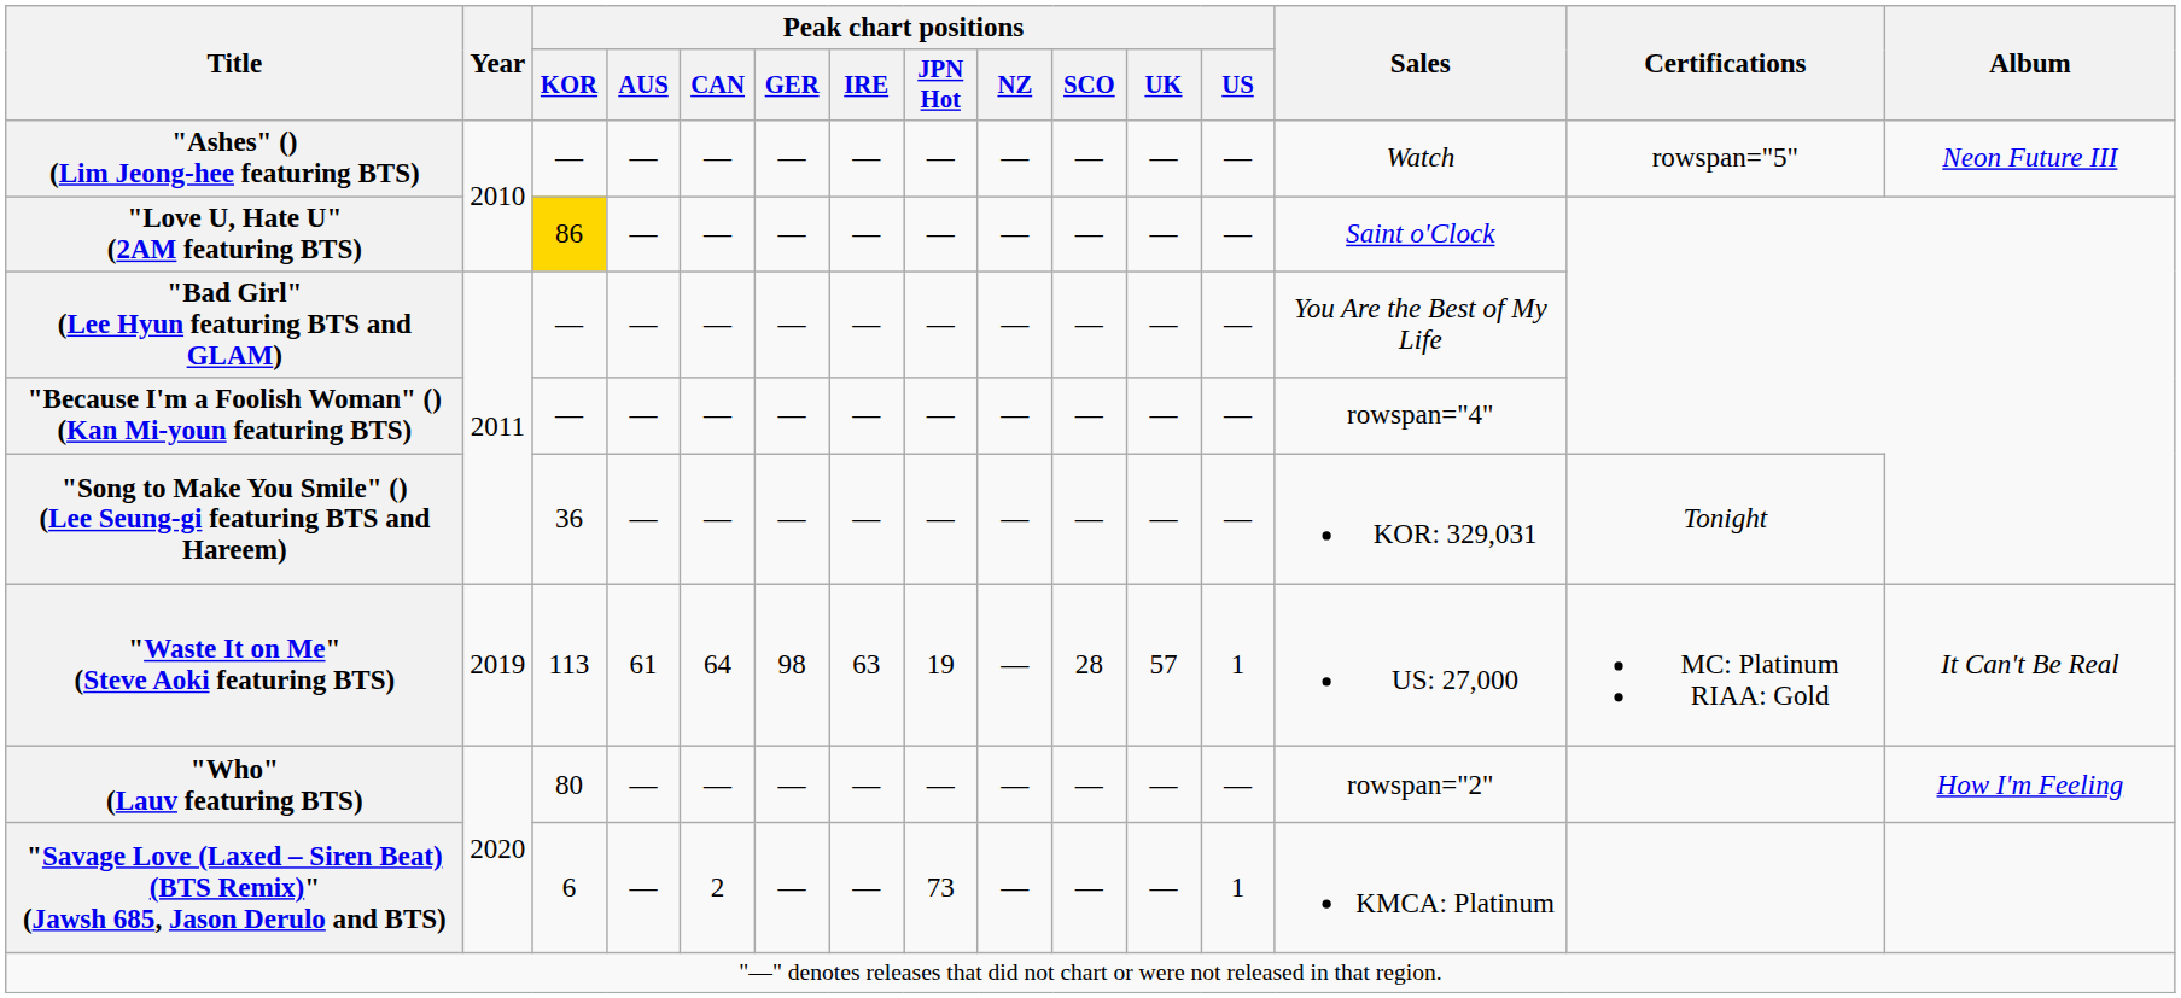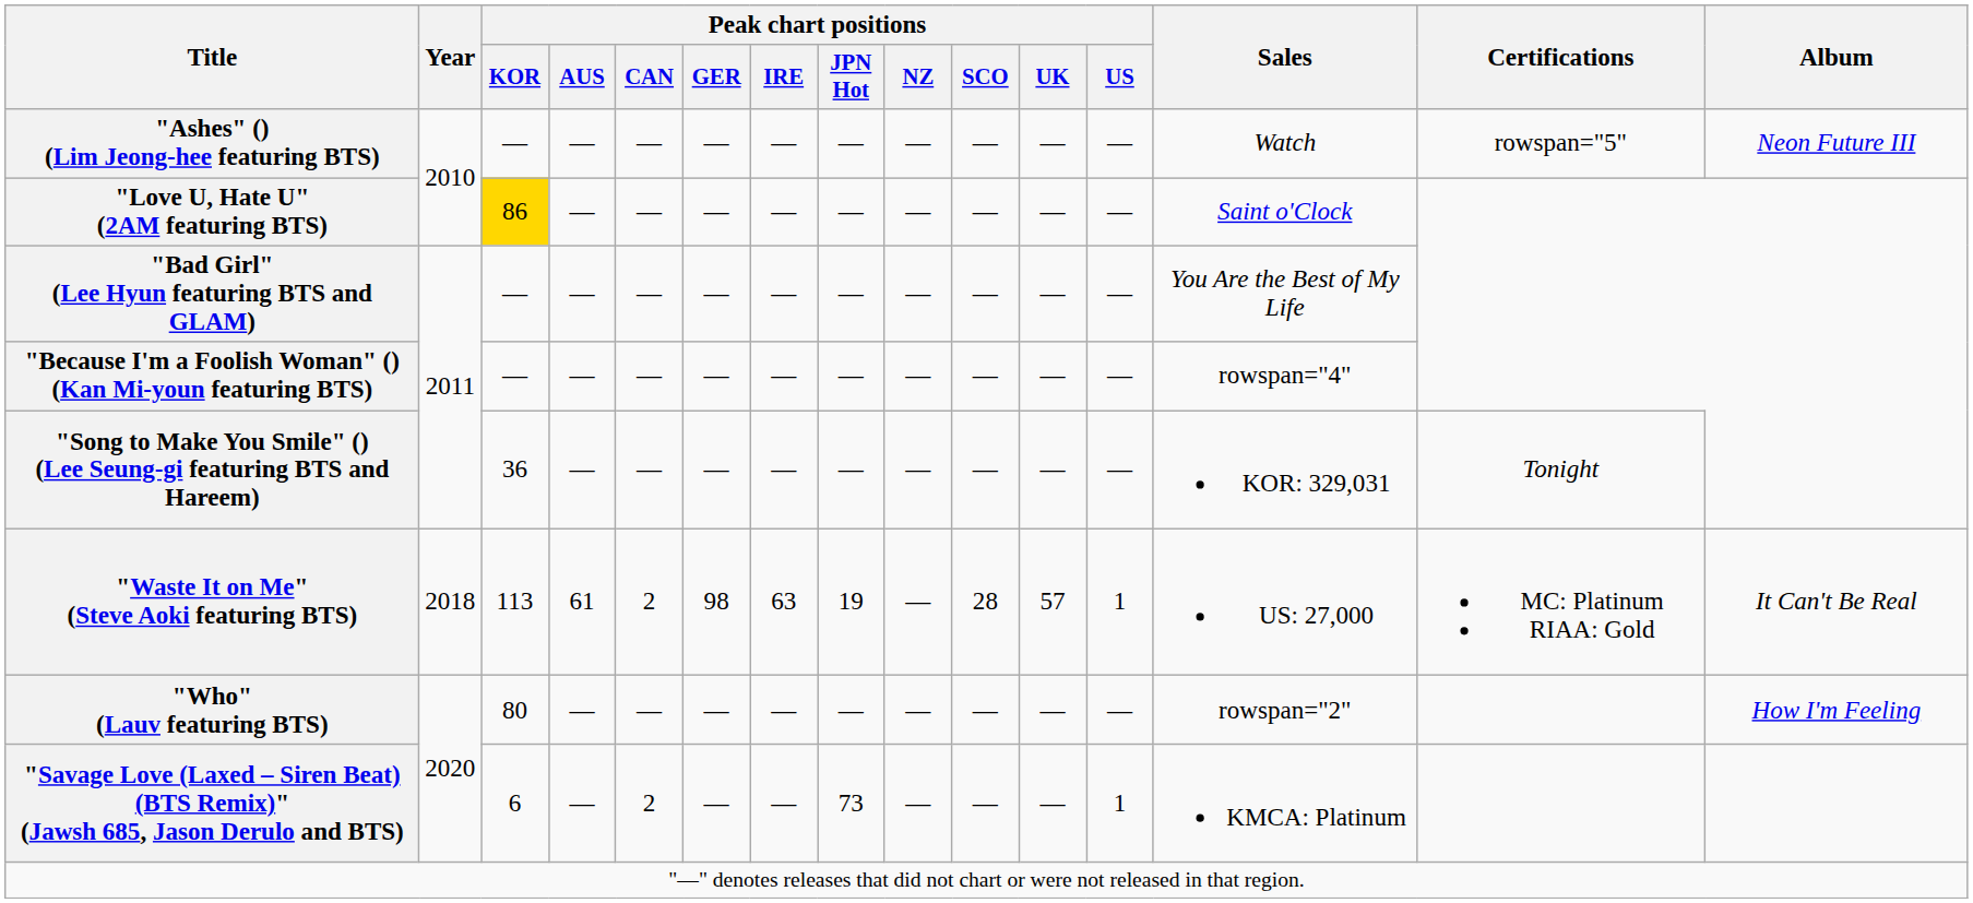 <table class="wikitable plainrowheaders" style="text-align:center;">
 <tr>
 <th scope="col" rowspan="2" style="width:16em;">Title</th>
 <th scope="col" rowspan="2" style="width:1em;">Year</th>
 <th scope="col" colspan="10">Peak chart positions</th>
 <th scope="col" rowspan="2" style="width:10em;">Sales</th>
 <th scope="col" rowspan="2" style="width:11em;">Certifications</th>
 <th scope="col" rowspan="2" style="width:10em;">Album</th>
 </tr>
 <tr>
 <th scope="col" style="width:2.5em;font-size:90%;"><a href='#'>KOR</a><br></th>
 <th scope="col" style="width:2.5em;font-size:90%;"><a href='#'>AUS</a><br></th>
 <th scope="col" style="width:2.5em;font-size:90%;"><a href='#'>CAN</a><br></th>
 <th scope="col" style="width:2.5em; font-size:90%"><a href='#'>GER</a><br></th>
 <th scope="col" style="width:2.5em; font-size:90%"><a href='#'>IRE</a><br></th>
 <th scope="col" style="width:2.5em;font-size:90%;"><a href='#'>JPN<br>Hot</a><br></th>
 <th scope="col" style="width:2.5em;font-size:90%;"><a href='#'>NZ</a><br></th>
 <th scope="col" style="width:2.5em;font-size:90%;"><a href='#'>SCO</a><br></th>
 <th scope="col" style="width:2.5em;font-size:90%;"><a href='#'>UK</a><br></th>
 <th scope="col" style="width:2.5em;font-size:90%;"><a href='#'>US</a><br></th>
 </tr>
 <tr>
 <th scope="row">"Ashes" ()<br><span>(<a href='#'>Lim Jeong-hee</a> featuring BTS)</span></th>
 <td rowspan="2">2010</td>
 <td>—</td>
 <td>—</td>
 <td>—</td>
 <td>—</td>
 <td>—</td>
 <td>—</td>
 <td>—</td>
 <td>—</td>
 <td>—</td>
 <td>—</td>
 <td><em>Watch</em></td>
 <td>rowspan="5" </td>
 <td><em><a href='#'>Neon Future III</a></em></td>
 </tr>
 <tr>
 <th scope="row">"Love U, Hate U"<br><span>(<a href='#'>2AM</a> featuring BTS)</span></th>
 <td style="background: gold;">86</td>
 <td>—</td>
 <td>—</td>
 <td>—</td>
 <td>—</td>
 <td>—</td>
 <td>—</td>
 <td>—</td>
 <td>—</td>
 <td>—</td>
 <td><em><a href='#'>Saint o'Clock</a></em></td>
 </tr>
 <tr>
 <th scope="row">"Bad Girl"<br><span>(<a href='#'>Lee Hyun</a> featuring BTS and <a href='#'>GLAM</a>)</span></th>
 <td rowspan="3">2011</td>
 <td>—</td>
 <td>—</td>
 <td>—</td>
 <td>—</td>
 <td>—</td>
 <td>—</td>
 <td>—</td>
 <td>—</td>
 <td>—</td>
 <td>—</td>
 <td><em>You Are the Best of My Life</em></td>
 </tr>
 <tr>
 <th scope="row">"Because I'm a Foolish Woman" ()<br><span>(<a href='#'>Kan Mi-youn</a> featuring BTS)</span></th>
 <td>—</td>
 <td>—</td>
 <td>—</td>
 <td>—</td>
 <td>—</td>
 <td>—</td>
 <td>—</td>
 <td>—</td>
 <td>—</td>
 <td>—</td>
 <td>rowspan="4" </td>
 </tr>
 <tr>
 <th scope="row">"Song to Make You Smile" ()<br><span>(<a href='#'>Lee Seung-gi</a> featuring BTS and Hareem)</span></th>
 <td>36</td>
 <td>—</td>
 <td>—</td>
 <td>—</td>
 <td>—</td>
 <td>—</td>
 <td>—</td>
 <td>—</td>
 <td>—</td>
 <td>—</td>
 <td><br><ul><li>KOR: 329,031</li></ul></td>
 <td><em>Tonight</em></td>
 </tr>
 <tr>
 <th scope="row">"<a href='#'>Waste It on Me</a>"<br><span>(<a href='#'>Steve Aoki</a> featuring BTS)</span></th>
-<td>2019</td>
+<td>2018</td>
 <td>113</td>
 <td>61</td>
-<td>64</td>
+<td>2</td>
 <td>98</td>
 <td>63</td>
 <td>19</td>
 <td>—</td>
 <td>28</td>
 <td>57</td>
 <td>1</td>
 <td><br><ul><li>US: 27,000</li></ul></td>
 <td><br><ul><li>MC: Platinum</li><li>RIAA: Gold</li></ul></td>
 <td><em>It Can't Be Real</em></td>
 </tr>
 <tr>
 <th scope="row">"Who"<br><span>(<a href='#'>Lauv</a> featuring BTS)</span></th>
 <td rowspan="2">2020</td>
 <td>80</td>
 <td>—</td>
 <td>—</td>
 <td>—</td>
 <td>—</td>
 <td>—</td>
 <td>—</td>
 <td>—</td>
 <td>—</td>
 <td>—</td>
 <td>rowspan="2" </td>
 <td></td>
 <td><em><a href='#'>How I'm Feeling</a></em></td>
 </tr>
 <tr>
 <th scope="row">"<a href='#'>Savage Love (Laxed – Siren Beat) (BTS Remix)</a>"<br><span>(<a href='#'>Jawsh 685</a>, <a href='#'>Jason Derulo</a> and BTS)</span></th>
 <td>6</td>
 <td>—</td>
 <td>2</td>
 <td>—</td>
 <td>—</td>
 <td>73</td>
 <td>—</td>
 <td>—</td>
 <td>—</td>
 <td>1</td>
 <td><br><ul><li>KMCA: Platinum</li></ul></td>
 <td></td>
 </tr>
 <tr>
 <td colspan="17" style="font-size:85%">"—" denotes releases that did not chart or were not released in that region.</td>
 </tr>
 </table>
